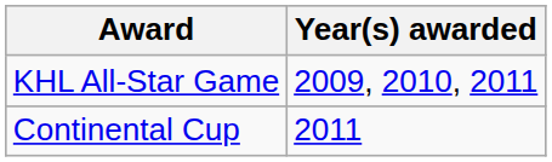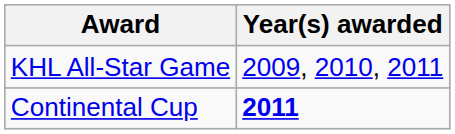 <table class="wikitable">
 <tr>
 <th>Award</th>
 <th>Year(s) awarded</th>
 </tr>
 <tr>
 <td><a href='#'>KHL All-Star Game</a></td>
 <td><a href='#'>2009</a>, <a href='#'>2010</a>, <a href='#'>2011</a></td>
 </tr>
 <tr>
 <td><a href='#'>Continental Cup</a></td>
-<td><a href='#'>2011</a></td>
+<td><strong><a href='#'>2011</a></strong></td>
 </tr>
 </table>
